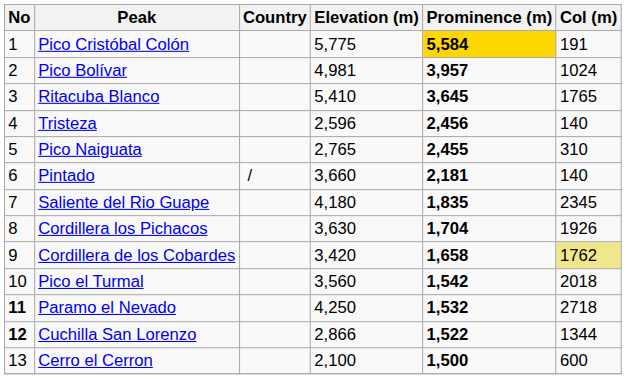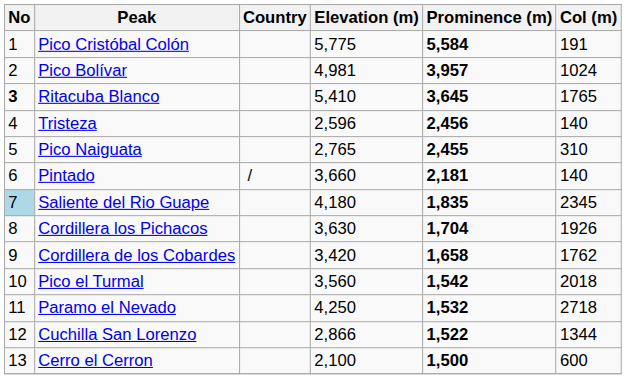 <table class="wikitable sortable">
 <tr>
 <th>No</th>
 <th>Peak</th>
 <th>Country</th>
 <th>Elevation (m)</th>
 <th>Prominence (m)</th>
 <th>Col (m)</th>
 </tr>
 <tr>
 <td>1</td>
 <td><a href='#'>Pico Cristóbal Colón</a></td>
 <td></td>
 <td>5,775</td>
-<td style="background: gold;"><strong>5,584</strong></td>
+<td><strong>5,584</strong></td>
 <td>191</td>
 </tr>
 <tr>
 <td>2</td>
 <td><a href='#'>Pico Bolívar</a></td>
 <td></td>
 <td>4,981</td>
 <td><strong>3,957</strong></td>
 <td>1024</td>
 </tr>
 <tr>
-<td>3</td>
+<td><strong>3</strong></td>
 <td><a href='#'>Ritacuba Blanco</a></td>
 <td></td>
 <td>5,410</td>
 <td><strong>3,645</strong></td>
 <td>1765</td>
 </tr>
 <tr>
 <td>4</td>
 <td><a href='#'>Tristeza</a></td>
 <td></td>
 <td>2,596</td>
 <td><strong>2,456</strong></td>
 <td>140</td>
 </tr>
 <tr>
 <td>5</td>
 <td><a href='#'>Pico Naiguata</a></td>
 <td></td>
 <td>2,765</td>
 <td><strong>2,455</strong></td>
 <td>310</td>
 </tr>
 <tr>
 <td>6</td>
 <td><a href='#'>Pintado</a></td>
 <td> / </td>
 <td>3,660</td>
 <td><strong>2,181</strong></td>
 <td>140</td>
 </tr>
 <tr>
-<td>7</td>
+<td style="background: lightblue;">7</td>
 <td><a href='#'>Saliente del Rio Guape</a></td>
 <td></td>
 <td>4,180</td>
 <td><strong>1,835</strong></td>
 <td>2345</td>
 </tr>
 <tr>
 <td>8</td>
 <td><a href='#'>Cordillera los Pichacos</a></td>
 <td></td>
 <td>3,630</td>
 <td><strong>1,704</strong></td>
 <td>1926</td>
 </tr>
 <tr>
 <td>9</td>
 <td><a href='#'>Cordillera de los Cobardes</a></td>
 <td></td>
 <td>3,420</td>
 <td><strong>1,658</strong></td>
-<td style="background: khaki;">1762</td>
+<td>1762</td>
 </tr>
 <tr>
 <td>10</td>
 <td><a href='#'>Pico el Turmal</a></td>
 <td></td>
 <td>3,560</td>
 <td><strong>1,542</strong></td>
 <td>2018</td>
 </tr>
 <tr>
-<td><strong>11</strong></td>
+<td>11</td>
 <td><a href='#'>Paramo el Nevado</a></td>
 <td></td>
 <td>4,250</td>
 <td><strong>1,532</strong></td>
 <td>2718</td>
 </tr>
 <tr>
-<td><strong>12</strong></td>
+<td>12</td>
 <td><a href='#'>Cuchilla San Lorenzo</a></td>
 <td></td>
 <td>2,866</td>
 <td><strong>1,522</strong></td>
 <td>1344</td>
 </tr>
 <tr>
 <td>13</td>
 <td><a href='#'>Cerro el Cerron</a></td>
 <td></td>
 <td>2,100</td>
 <td><strong>1,500</strong></td>
 <td>600</td>
 </tr>
 <tr>
 </tr>
 </table>
